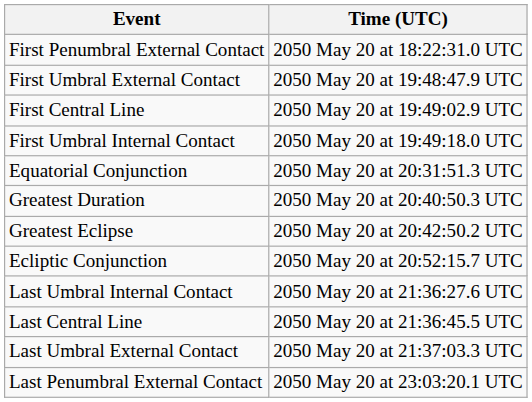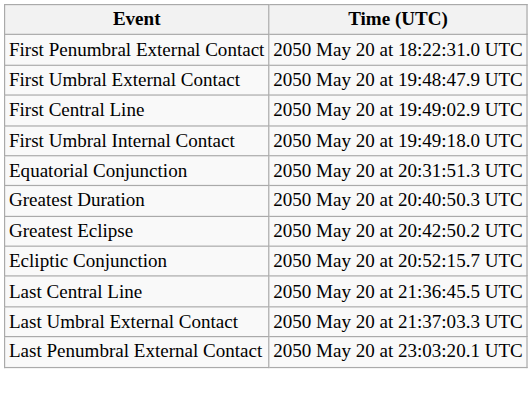 <table class="wikitable">
 <tr>
 <th>Event</th>
 <th>Time (UTC)</th>
 </tr>
 <tr>
 <td>First Penumbral External Contact</td>
 <td>2050 May 20 at 18:22:31.0 UTC</td>
 </tr>
 <tr>
 <td>First Umbral External Contact</td>
 <td>2050 May 20 at 19:48:47.9 UTC</td>
 </tr>
 <tr>
 <td>First Central Line</td>
 <td>2050 May 20 at 19:49:02.9 UTC</td>
 </tr>
 <tr>
 <td>First Umbral Internal Contact</td>
 <td>2050 May 20 at 19:49:18.0 UTC</td>
 </tr>
 <tr>
 <td>Equatorial Conjunction</td>
 <td>2050 May 20 at 20:31:51.3 UTC</td>
 </tr>
 <tr>
 <td>Greatest Duration</td>
 <td>2050 May 20 at 20:40:50.3 UTC</td>
 </tr>
 <tr>
 <td>Greatest Eclipse</td>
 <td>2050 May 20 at 20:42:50.2 UTC</td>
 </tr>
 <tr>
 <td>Ecliptic Conjunction</td>
 <td>2050 May 20 at 20:52:15.7 UTC</td>
 </tr>
 <tr>
-<td>Last Umbral Internal Contact</td>
-<td>2050 May 20 at 21:36:27.6 UTC</td>
-</tr>
-<tr>
 <td>Last Central Line</td>
 <td>2050 May 20 at 21:36:45.5 UTC</td>
 </tr>
 <tr>
 <td>Last Umbral External Contact</td>
 <td>2050 May 20 at 21:37:03.3 UTC</td>
 </tr>
 <tr>
 <td>Last Penumbral External Contact</td>
 <td>2050 May 20 at 23:03:20.1 UTC</td>
 </tr>
 </table>
